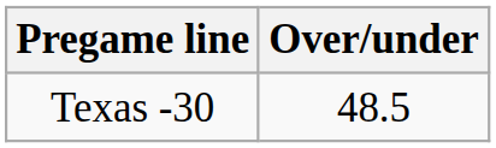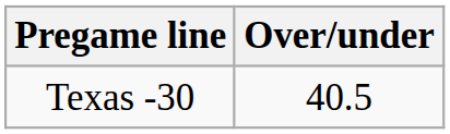 <table class="wikitable" style="margin-left: auto; margin-right: auto; border: none; display: inline-table;">
 <tr align="center">
 <th style=>Pregame line</th>
 <th style=>Over/under</th>
 </tr>
 <tr align="center">
 <td>Texas -30</td>
-<td>48.5</td>
+<td>40.5</td>
 </tr>
 </table>
